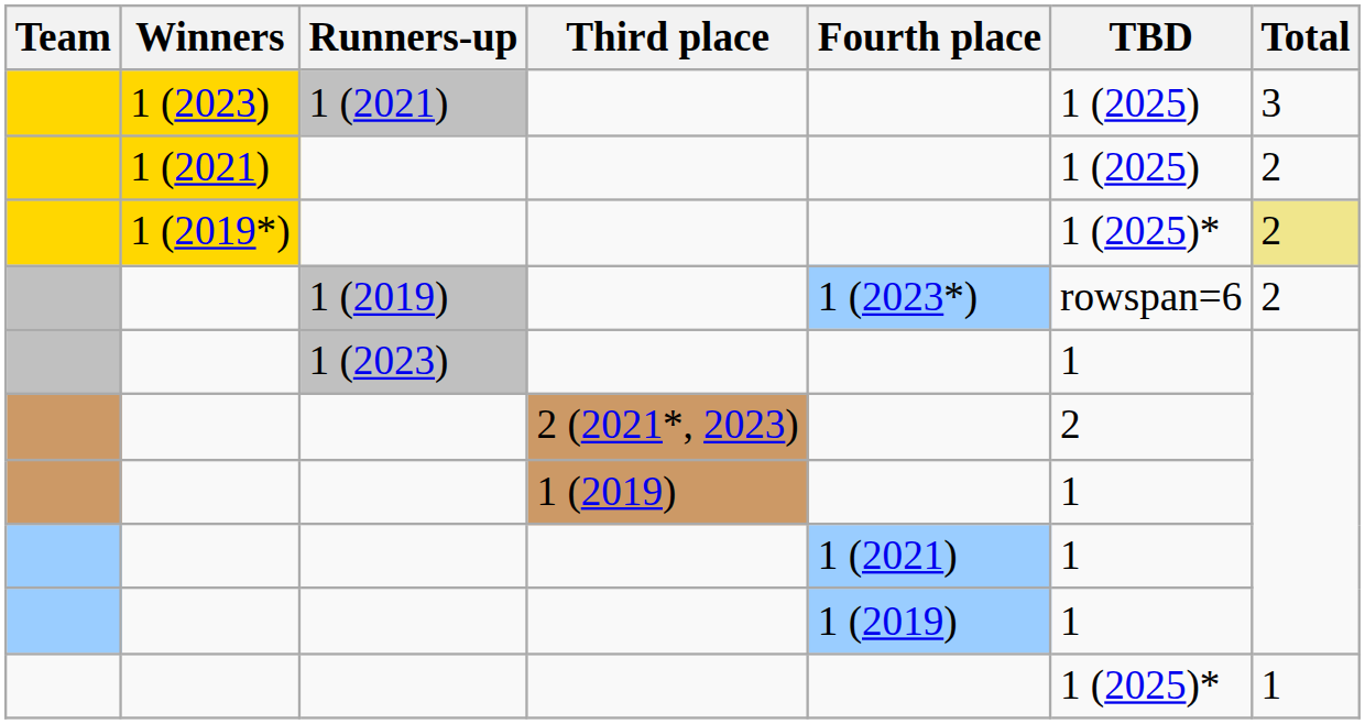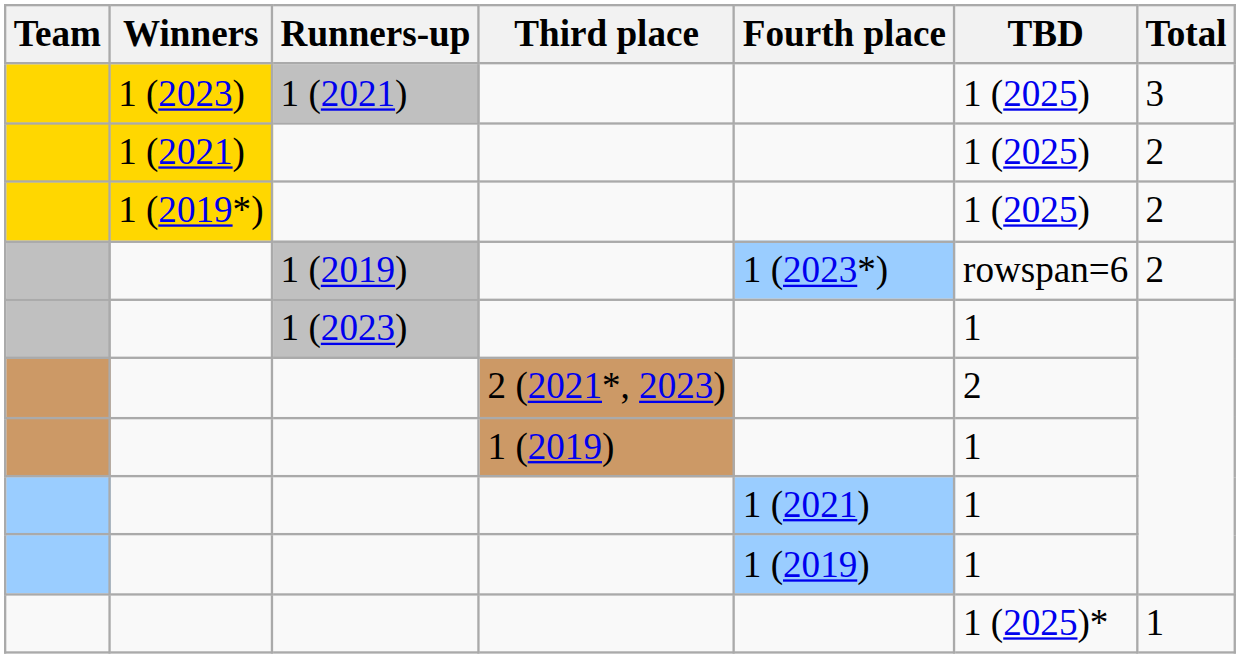 <table class="wikitable sortable">
 <tr>
 <th>Team</th>
 <th>Winners</th>
 <th>Runners-up</th>
 <th>Third place</th>
 <th>Fourth place</th>
 <th>TBD</th>
 <th>Total</th>
 </tr>
 <tr>
 <td style="background:gold"></td>
 <td style="background:gold">1 (<a href='#'>2023</a>)</td>
 <td style="background:silver">1 (<a href='#'>2021</a>)</td>
 <td></td>
 <td></td>
 <td>1 (<a href='#'>2025</a>)</td>
 <td>3</td>
 </tr>
 <tr>
 <td style="background:gold"></td>
 <td style="background:gold">1 (<a href='#'>2021</a>)</td>
 <td></td>
 <td></td>
 <td></td>
 <td>1 (<a href='#'>2025</a>)</td>
 <td>2</td>
 </tr>
 <tr>
 <td style="background:gold"></td>
 <td style="background:gold">1 (<a href='#'>2019</a>*)</td>
 <td></td>
 <td></td>
 <td></td>
-<td>1 (<a href='#'>2025</a>)*</td>
-<td style="background: khaki;">2</td>
+<td>1 (<a href='#'>2025</a>)</td>
+<td>2</td>
 </tr>
 <tr>
 <td style="background:silver"></td>
 <td></td>
 <td style="background:silver">1 (<a href='#'>2019</a>)</td>
 <td></td>
 <td style="background:#9acdff">1 (<a href='#'>2023</a>*)</td>
 <td>rowspan=6 </td>
 <td>2</td>
 </tr>
 <tr>
 <td style="background:silver"></td>
 <td></td>
 <td style="background:silver">1 (<a href='#'>2023</a>)</td>
 <td></td>
 <td></td>
 <td>1</td>
 </tr>
 <tr>
 <td style="background:#c96"></td>
 <td></td>
 <td></td>
 <td style="background:#c96">2 (<a href='#'>2021</a>*, <a href='#'>2023</a>)</td>
 <td></td>
 <td>2</td>
 </tr>
 <tr>
 <td style="background:#c96"></td>
 <td></td>
 <td></td>
 <td style="background:#c96">1 (<a href='#'>2019</a>)</td>
 <td></td>
 <td>1</td>
 </tr>
 <tr>
 <td style="background:#9acdff"></td>
 <td></td>
 <td></td>
 <td></td>
 <td style="background:#9acdff">1 (<a href='#'>2021</a>)</td>
 <td>1</td>
 </tr>
 <tr>
 <td style="background:#9acdff"></td>
 <td></td>
 <td></td>
 <td></td>
 <td style="background:#9acdff">1 (<a href='#'>2019</a>)</td>
 <td>1</td>
 </tr>
 <tr>
 <td></td>
 <td></td>
 <td></td>
 <td></td>
 <td></td>
 <td>1 (<a href='#'>2025</a>)*</td>
 <td>1</td>
 </tr>
 </table>
